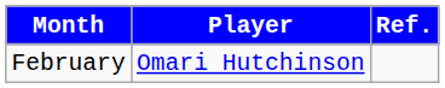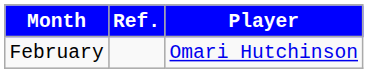 <table class="wikitable" style="text-align:center">
 <tr>
 <th style="background:blue; color:white; width=0%">Month</th>
+<th style="background:blue; color:white; width=0%">Ref.</th>
 <th style="background:blue; color:white; width=0%">Player</th>
-<th style="background:blue; color:white; width=0%">Ref.</th>
 </tr>
 <tr>
 <td>February</td>
+<td></td>
 <td> <a href='#'>Omari Hutchinson</a></td>
-<td></td>
 </tr>
 </table>
